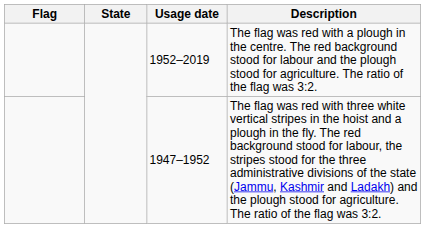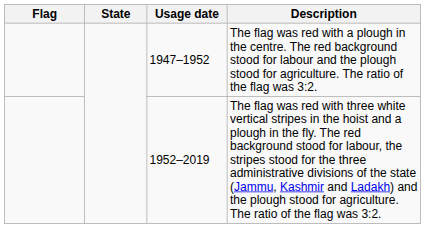 <table class="wikitable sortable">
 <tr>
 <th class="unsortable" style="width:100px;">Flag</th>
 <th class="unsortable" style="width:75px;">State</th>
 <th style="width:100px;">Usage date</th>
 <th class="unsortable" style="width:250px;">Description</th>
 </tr>
 <tr>
 <td></td>
 <td rowspan="2"></td>
-<td>1952–2019</td>
+<td>1947–1952</td>
 <td>The flag was red with a plough in the centre. The red background stood for labour and the plough stood for agriculture. The ratio of the flag was 3:2.</td>
 </tr>
 <tr>
 <td></td>
-<td>1947–1952</td>
+<td>1952–2019</td>
 <td>The flag was red with three white vertical stripes in the hoist and a plough in the fly. The red background stood for labour, the stripes stood for the three administrative divisions of the state (<a href='#'>Jammu</a>, <a href='#'>Kashmir</a> and <a href='#'>Ladakh</a>) and the plough stood for agriculture. The ratio of the flag was 3:2.</td>
 </tr>
 </table>
